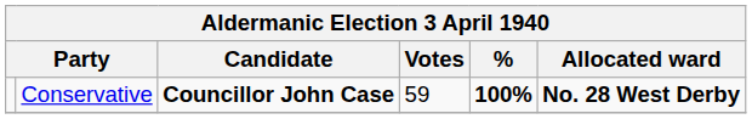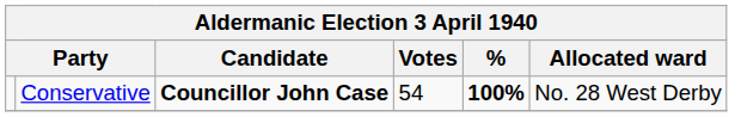 <table class="wikitable">
 <tr>
 <th colspan="6"><strong>Aldermanic Election 3 April 1940</strong></th>
 </tr>
 <tr>
 <th colspan="2">Party</th>
 <th>Candidate</th>
 <th>Votes</th>
 <th>%</th>
 <th>Allocated ward</th>
 </tr>
 <tr>
 <td style="background-color:"></td>
 <td><a href='#'>Conservative</a></td>
 <td><strong>Councillor John Case</strong></td>
-<td>59</td>
+<td>54</td>
 <td><strong>100%</strong></td>
-<td><strong>No. 28 West Derby</strong></td>
+<td>No. 28 West Derby</td>
 </tr>
 <tr>
 </tr>
 </table>
